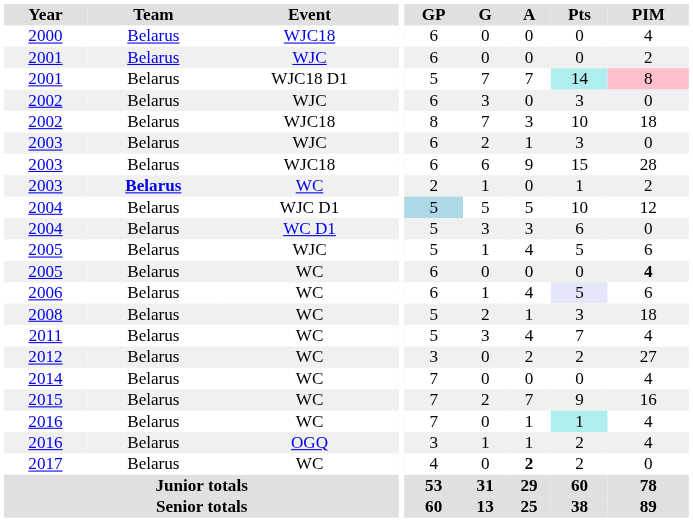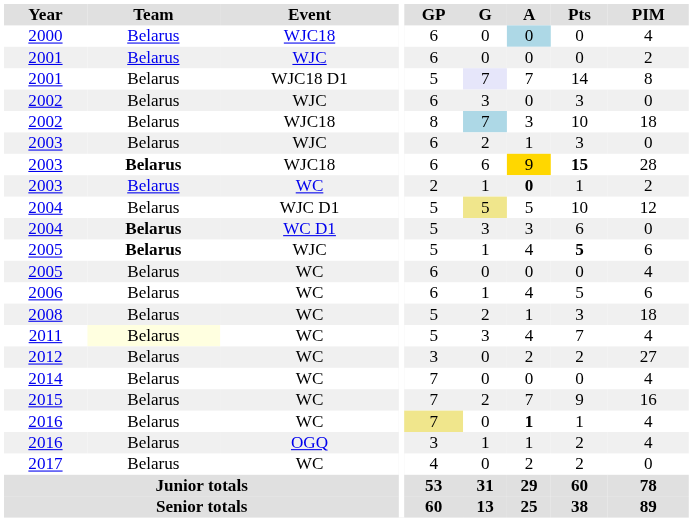 <table border="0" cellpadding="1" cellspacing="0" ID="Table3" style="text-align:center; width:40em">
 <tr ALIGN="center" bgcolor="#e0e0e0">
 <th>Year</th>
 <th>Team</th>
 <th>Event</th>
 <th rowspan="99" bgcolor="#ffffff"></th>
 <th>GP</th>
 <th>G</th>
 <th>A</th>
 <th>Pts</th>
 <th>PIM</th>
 </tr>
 <tr>
 <td><a href='#'>2000</a></td>
 <td><a href='#'>Belarus</a></td>
 <td><a href='#'>WJC18</a></td>
 <td>6</td>
 <td>0</td>
-<td>0</td>
+<td style="background: lightblue;">0</td>
 <td>0</td>
 <td>4</td>
 </tr>
 <tr style="background:#f0f0f0;">
 <td><a href='#'>2001</a></td>
 <td><a href='#'>Belarus</a></td>
 <td><a href='#'>WJC</a></td>
 <td>6</td>
 <td>0</td>
 <td>0</td>
 <td>0</td>
 <td>2</td>
 </tr>
 <tr>
 <td><a href='#'>2001</a></td>
 <td>Belarus</td>
 <td>WJC18 D1</td>
 <td>5</td>
+<td style="background: lavender;">7</td>
 <td>7</td>
-<td>7</td>
-<td style="background: paleturquoise;">14</td>
-<td style="background: pink;">8</td>
+<td>14</td>
+<td>8</td>
 </tr>
 <tr style="background:#f0f0f0;">
 <td><a href='#'>2002</a></td>
 <td>Belarus</td>
 <td>WJC</td>
 <td>6</td>
 <td>3</td>
 <td>0</td>
 <td>3</td>
 <td>0</td>
 </tr>
 <tr>
 <td><a href='#'>2002</a></td>
 <td>Belarus</td>
 <td>WJC18</td>
 <td>8</td>
-<td>7</td>
+<td style="background: lightblue;">7</td>
 <td>3</td>
 <td>10</td>
 <td>18</td>
 </tr>
 <tr style="background:#f0f0f0;">
 <td><a href='#'>2003</a></td>
 <td>Belarus</td>
 <td>WJC</td>
 <td>6</td>
 <td>2</td>
 <td>1</td>
 <td>3</td>
 <td>0</td>
 </tr>
 <tr>
 <td><a href='#'>2003</a></td>
-<td>Belarus</td>
+<td><strong>Belarus</strong></td>
 <td>WJC18</td>
 <td>6</td>
 <td>6</td>
-<td>9</td>
-<td>15</td>
+<td style="background: gold;">9</td>
+<td><strong>15</strong></td>
 <td>28</td>
 </tr>
 <tr style="background:#f0f0f0;">
 <td><a href='#'>2003</a></td>
-<td><strong><a href='#'>Belarus</a></strong></td>
+<td><a href='#'>Belarus</a></td>
 <td><a href='#'>WC</a></td>
 <td>2</td>
 <td>1</td>
-<td>0</td>
+<td><strong>0</strong></td>
 <td>1</td>
 <td>2</td>
 </tr>
 <tr>
 <td><a href='#'>2004</a></td>
 <td>Belarus</td>
 <td>WJC D1</td>
-<td style="background: lightblue;">5</td>
 <td>5</td>
+<td style="background: khaki;">5</td>
 <td>5</td>
 <td>10</td>
 <td>12</td>
 </tr>
 <tr style="background:#f0f0f0;">
 <td><a href='#'>2004</a></td>
-<td>Belarus</td>
+<td><strong>Belarus</strong></td>
 <td><a href='#'>WC D1</a></td>
 <td>5</td>
 <td>3</td>
 <td>3</td>
 <td>6</td>
 <td>0</td>
 </tr>
 <tr>
 <td><a href='#'>2005</a></td>
-<td>Belarus</td>
+<td><strong>Belarus</strong></td>
 <td>WJC</td>
 <td>5</td>
 <td>1</td>
 <td>4</td>
-<td>5</td>
+<td><strong>5</strong></td>
 <td>6</td>
 </tr>
 <tr style="background:#f0f0f0;">
 <td><a href='#'>2005</a></td>
 <td>Belarus</td>
 <td>WC</td>
 <td>6</td>
 <td>0</td>
 <td>0</td>
 <td>0</td>
-<td><strong>4</strong></td>
+<td>4</td>
 </tr>
 <tr>
 <td><a href='#'>2006</a></td>
 <td>Belarus</td>
 <td>WC</td>
 <td>6</td>
 <td>1</td>
 <td>4</td>
-<td style="background: lavender;">5</td>
+<td>5</td>
 <td>6</td>
 </tr>
 <tr style="background:#f0f0f0;">
 <td><a href='#'>2008</a></td>
 <td>Belarus</td>
 <td>WC</td>
 <td>5</td>
 <td>2</td>
 <td>1</td>
 <td>3</td>
 <td>18</td>
 </tr>
 <tr>
 <td><a href='#'>2011</a></td>
-<td>Belarus</td>
+<td style="background: lightyellow;">Belarus</td>
 <td>WC</td>
 <td>5</td>
 <td>3</td>
 <td>4</td>
 <td>7</td>
 <td>4</td>
 </tr>
 <tr style="background:#f0f0f0;">
 <td><a href='#'>2012</a></td>
 <td>Belarus</td>
 <td>WC</td>
 <td>3</td>
 <td>0</td>
 <td>2</td>
 <td>2</td>
 <td>27</td>
 </tr>
 <tr>
 <td><a href='#'>2014</a></td>
 <td>Belarus</td>
 <td>WC</td>
 <td>7</td>
 <td>0</td>
 <td>0</td>
 <td>0</td>
 <td>4</td>
 </tr>
 <tr style="background:#f0f0f0;">
 <td><a href='#'>2015</a></td>
 <td>Belarus</td>
 <td>WC</td>
 <td>7</td>
 <td>2</td>
 <td>7</td>
 <td>9</td>
 <td>16</td>
 </tr>
 <tr>
 <td><a href='#'>2016</a></td>
 <td>Belarus</td>
 <td>WC</td>
-<td>7</td>
+<td style="background: khaki;">7</td>
 <td>0</td>
+<td><strong>1</strong></td>
 <td>1</td>
-<td style="background: paleturquoise;">1</td>
 <td>4</td>
 </tr>
 <tr style="background:#f0f0f0;">
 <td><a href='#'>2016</a></td>
 <td>Belarus</td>
 <td><a href='#'>OGQ</a></td>
 <td>3</td>
 <td>1</td>
 <td>1</td>
 <td>2</td>
 <td>4</td>
 </tr>
 <tr>
 <td><a href='#'>2017</a></td>
 <td>Belarus</td>
 <td>WC</td>
 <td>4</td>
 <td>0</td>
-<td><strong>2</strong></td>
+<td>2</td>
 <td>2</td>
 <td>0</td>
 </tr>
 <tr style="background:#e0e0e0;">
 <th colspan=3>Junior totals</th>
 <th>53</th>
 <th>31</th>
 <th>29</th>
 <th>60</th>
 <th>78</th>
 </tr>
 <tr style="background:#e0e0e0;">
 <th colspan=3>Senior totals</th>
 <th>60</th>
 <th>13</th>
 <th>25</th>
 <th>38</th>
 <th>89</th>
 </tr>
 </table>
